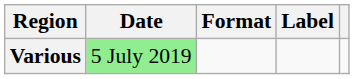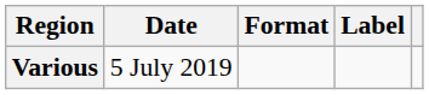 <table class="wikitable plainrowheaders">
 <tr>
 <th>Region</th>
 <th>Date</th>
 <th>Format</th>
 <th>Label</th>
 <th></th>
 </tr>
 <tr>
 <th scope="row" rowspan="2">Various</th>
-<td style="background: lightgreen;">5 July 2019</td>
+<td>5 July 2019</td>
 <td></td>
 <td></td>
 <td></td>
 </tr>
 </table>
